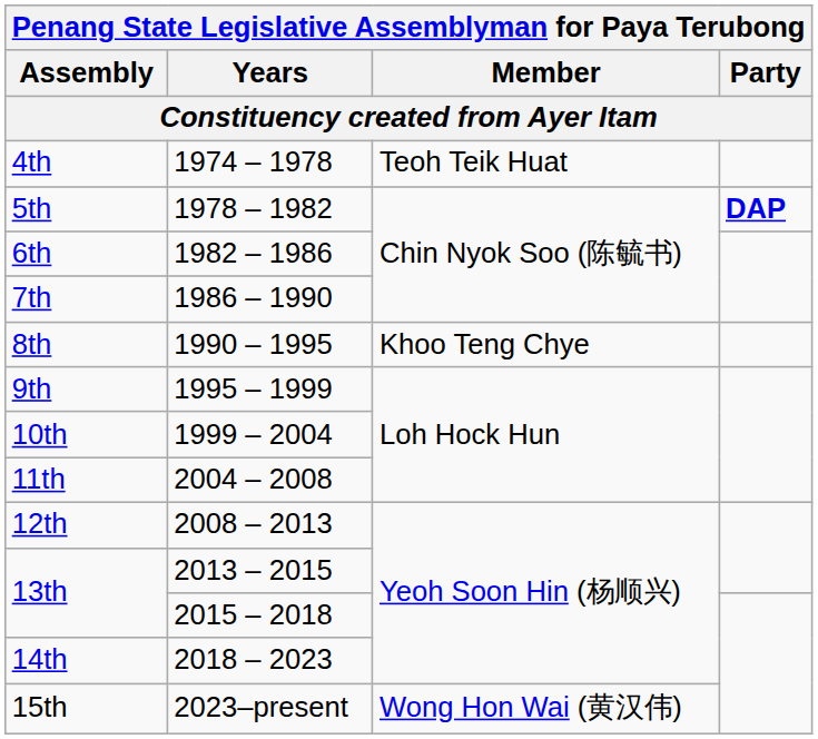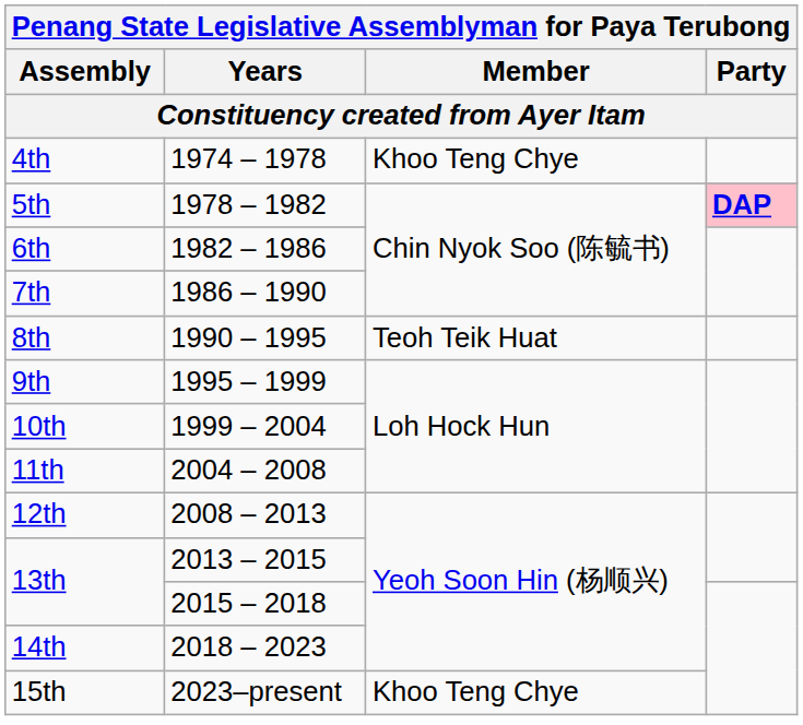 <table class="wikitable">
 <tr>
 <th colspan="4"><a href='#'>Penang State Legislative Assemblyman</a> for Paya Terubong</th>
 </tr>
 <tr>
 <th>Assembly</th>
 <th>Years</th>
 <th>Member</th>
 <th>Party</th>
 </tr>
 <tr>
 <th colspan="4" align="center"><em>Constituency created from Ayer Itam</em></th>
 </tr>
 <tr>
 <td><a href='#'>4th</a></td>
 <td>1974 – 1978</td>
-<td>Teoh Teik Huat</td>
+<td>Khoo Teng Chye</td>
 <td></td>
 </tr>
 <tr>
 <td><a href='#'>5th</a></td>
 <td>1978 – 1982</td>
 <td rowspan="3">Chin Nyok Soo (陈毓书)</td>
-<td><strong><a href='#'>DAP</a></strong></td>
+<td style="background: pink;"><strong><a href='#'>DAP</a></strong></td>
 </tr>
 <tr>
 <td><a href='#'>6th</a></td>
 <td>1982 – 1986</td>
 <td rowspan="2"></td>
 </tr>
 <tr>
 <td><a href='#'>7th</a></td>
 <td>1986 – 1990</td>
 </tr>
 <tr>
 <td><a href='#'>8th</a></td>
 <td>1990 – 1995</td>
-<td>Khoo Teng Chye</td>
+<td>Teoh Teik Huat</td>
 <td></td>
 </tr>
 <tr>
 <td><a href='#'>9th</a></td>
 <td>1995 – 1999</td>
 <td rowspan="3">Loh Hock Hun</td>
 <td rowspan="3"></td>
 </tr>
 <tr>
 <td><a href='#'>10th</a></td>
 <td>1999 – 2004</td>
 </tr>
 <tr>
 <td><a href='#'>11th</a></td>
 <td>2004 – 2008</td>
 </tr>
 <tr>
 <td><a href='#'>12th</a></td>
 <td>2008 – 2013</td>
 <td rowspan=4><a href='#'>Yeoh Soon Hin</a> (杨顺兴)</td>
 <td rowspan="2"></td>
 </tr>
 <tr>
 <td rowspan=2><a href='#'>13th</a></td>
 <td>2013 – 2015</td>
 </tr>
 <tr>
 <td>2015 – 2018</td>
 <td rowspan=3></td>
 </tr>
 <tr>
 <td><a href='#'>14th</a></td>
 <td>2018 – 2023</td>
 </tr>
 <tr>
 <td>15th</td>
 <td>2023–present</td>
-<td><a href='#'>Wong Hon Wai</a> (黄汉伟)</td>
+<td>Khoo Teng Chye</td>
 </tr>
 </table>
